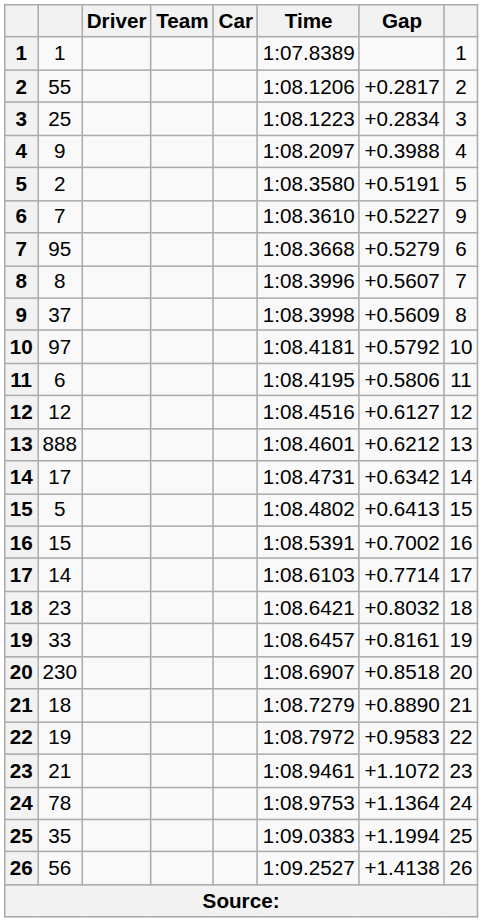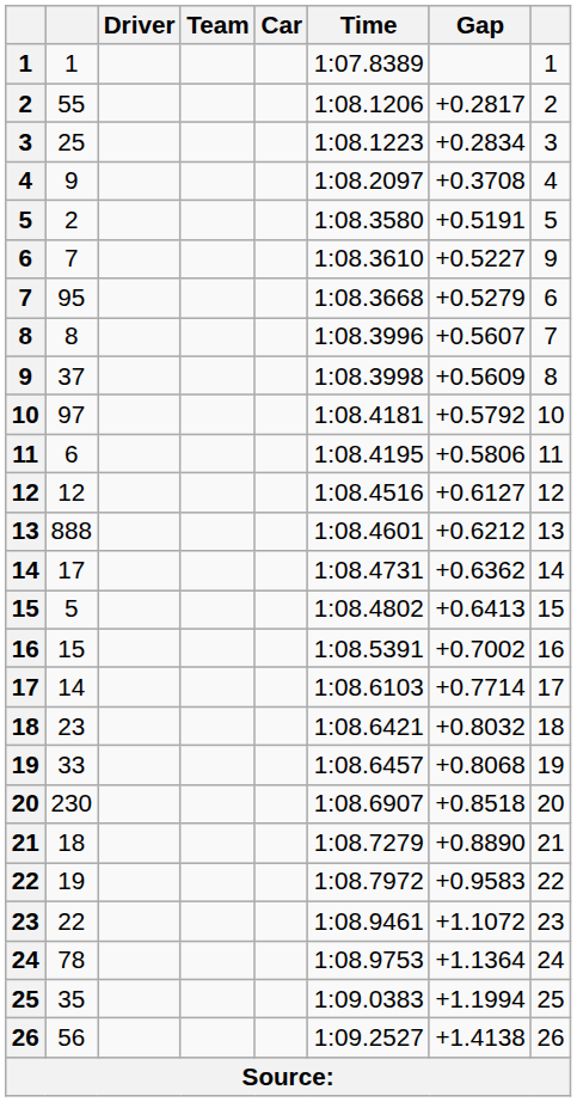 <table class="wikitable" style="font-size: 85%">
 <tr>
 <th></th>
 <th></th>
 <th>Driver</th>
 <th>Team</th>
 <th>Car</th>
 <th>Time</th>
 <th>Gap</th>
 <th></th>
 </tr>
 <tr>
 <th>1</th>
 <td align="center">1</td>
 <td></td>
 <td></td>
 <td></td>
 <td>1:07.8389</td>
 <td></td>
 <td align="center">1</td>
 </tr>
 <tr>
 <th>2</th>
 <td align="center">55</td>
 <td></td>
 <td></td>
 <td></td>
 <td>1:08.1206</td>
 <td>+0.2817</td>
 <td align="center">2</td>
 </tr>
 <tr>
 <th>3</th>
 <td align="center">25</td>
 <td></td>
 <td></td>
 <td></td>
 <td>1:08.1223</td>
 <td>+0.2834</td>
 <td align="center">3</td>
 </tr>
 <tr>
 <th>4</th>
 <td align="center">9</td>
 <td></td>
 <td></td>
 <td></td>
 <td>1:08.2097</td>
-<td>+0.3988</td>
+<td>+0.3708</td>
 <td align="center">4</td>
 </tr>
 <tr>
 <th>5</th>
 <td align="center">2</td>
 <td></td>
 <td></td>
 <td></td>
 <td>1:08.3580</td>
 <td>+0.5191</td>
 <td align="center">5</td>
 </tr>
 <tr>
 <th>6</th>
 <td align="center">7</td>
 <td></td>
 <td></td>
 <td></td>
 <td>1:08.3610</td>
 <td>+0.5227</td>
 <td align="center">9</td>
 </tr>
 <tr>
 <th>7</th>
 <td align="center">95</td>
 <td></td>
 <td></td>
 <td></td>
 <td>1:08.3668</td>
 <td>+0.5279</td>
 <td align="center">6</td>
 </tr>
 <tr>
 <th>8</th>
 <td align="center">8</td>
 <td></td>
 <td></td>
 <td></td>
 <td>1:08.3996</td>
 <td>+0.5607</td>
 <td align="center">7</td>
 </tr>
 <tr>
 <th>9</th>
 <td align="center">37</td>
 <td></td>
 <td></td>
 <td></td>
 <td>1:08.3998</td>
 <td>+0.5609</td>
 <td align="center">8</td>
 </tr>
 <tr>
 <th>10</th>
 <td align="center">97</td>
 <td></td>
 <td></td>
 <td></td>
 <td>1:08.4181</td>
 <td>+0.5792</td>
 <td align="center">10</td>
 </tr>
 <tr>
 <th>11</th>
 <td align="center">6</td>
 <td></td>
 <td></td>
 <td></td>
 <td>1:08.4195</td>
 <td>+0.5806</td>
 <td align="center">11</td>
 </tr>
 <tr>
 <th>12</th>
 <td align="center">12</td>
 <td></td>
 <td></td>
 <td></td>
 <td>1:08.4516</td>
 <td>+0.6127</td>
 <td align="center">12</td>
 </tr>
 <tr>
 <th>13</th>
 <td align="center">888</td>
 <td></td>
 <td></td>
 <td></td>
 <td>1:08.4601</td>
 <td>+0.6212</td>
 <td align="center">13</td>
 </tr>
 <tr>
 <th>14</th>
 <td align="center">17</td>
 <td></td>
 <td></td>
 <td></td>
 <td>1:08.4731</td>
-<td>+0.6342</td>
+<td>+0.6362</td>
 <td align="center">14</td>
 </tr>
 <tr>
 <th>15</th>
 <td align="center">5</td>
 <td></td>
 <td></td>
 <td></td>
 <td>1:08.4802</td>
 <td>+0.6413</td>
 <td align="center">15</td>
 </tr>
 <tr>
 <th>16</th>
 <td align="center">15</td>
 <td></td>
 <td></td>
 <td></td>
 <td>1:08.5391</td>
 <td>+0.7002</td>
 <td align="center">16</td>
 </tr>
 <tr>
 <th>17</th>
 <td align="center">14</td>
 <td></td>
 <td></td>
 <td></td>
 <td>1:08.6103</td>
 <td>+0.7714</td>
 <td align="center">17</td>
 </tr>
 <tr>
 <th>18</th>
 <td align="center">23</td>
 <td></td>
 <td></td>
 <td></td>
 <td>1:08.6421</td>
 <td>+0.8032</td>
 <td align="center">18</td>
 </tr>
 <tr>
 <th>19</th>
 <td align="center">33</td>
 <td></td>
 <td></td>
 <td></td>
 <td>1:08.6457</td>
-<td>+0.8161</td>
+<td>+0.8068</td>
 <td align="center">19</td>
 </tr>
 <tr>
 <th>20</th>
 <td align="center">230</td>
 <td></td>
 <td></td>
 <td></td>
 <td>1:08.6907</td>
 <td>+0.8518</td>
 <td align="center">20</td>
 </tr>
 <tr>
 <th>21</th>
 <td align="center">18</td>
 <td></td>
 <td></td>
 <td></td>
 <td>1:08.7279</td>
 <td>+0.8890</td>
 <td align="center">21</td>
 </tr>
 <tr>
 <th>22</th>
 <td align="center">19</td>
 <td></td>
 <td></td>
 <td></td>
 <td>1:08.7972</td>
 <td>+0.9583</td>
 <td align="center">22</td>
 </tr>
 <tr>
 <th>23</th>
-<td align="center">21</td>
+<td align="center">22</td>
 <td></td>
 <td></td>
 <td></td>
 <td>1:08.9461</td>
 <td>+1.1072</td>
 <td align="center">23</td>
 </tr>
 <tr>
 <th>24</th>
 <td align="center">78</td>
 <td></td>
 <td></td>
 <td></td>
 <td>1:08.9753</td>
 <td>+1.1364</td>
 <td align="center">24</td>
 </tr>
 <tr>
 <th>25</th>
 <td align="center">35</td>
 <td></td>
 <td></td>
 <td></td>
 <td>1:09.0383</td>
 <td>+1.1994</td>
 <td align="center">25</td>
 </tr>
 <tr>
 <th>26</th>
 <td align="center">56</td>
 <td></td>
 <td></td>
 <td></td>
 <td>1:09.2527</td>
 <td>+1.4138</td>
 <td align="center">26</td>
 </tr>
 <tr>
 <th colspan="8">Source:</th>
 </tr>
 </table>
